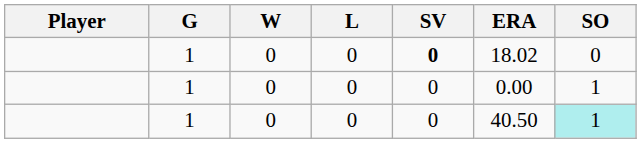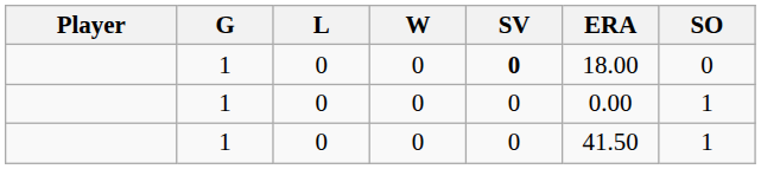 <table class="wikitable sortable">
 <tr>
 <th bgcolor="#DDDDFF" width="16%">Player</th>
 <th bgcolor="#DDDDFF" width="9%">G</th>
+<th bgcolor="#DDDDFF" width="9%">L</th>
 <th bgcolor="#DDDDFF" width="9%">W</th>
-<th bgcolor="#DDDDFF" width="9%">L</th>
 <th bgcolor="#DDDDFF" width="9%">SV</th>
 <th bgcolor="#DDDDFF" width="9%">ERA</th>
 <th bgcolor="#DDDDFF" width="9%">SO</th>
 </tr>
 <tr align="center">
 <td></td>
 <td>1</td>
 <td>0</td>
 <td>0</td>
 <td><strong>0</strong></td>
-<td>18.02</td>
+<td>18.00</td>
 <td>0</td>
 </tr>
 <tr align="center">
 <td></td>
 <td>1</td>
 <td>0</td>
 <td>0</td>
 <td>0</td>
 <td>0.00</td>
 <td>1</td>
 </tr>
 <tr align="center">
 <td></td>
 <td>1</td>
 <td>0</td>
 <td>0</td>
 <td>0</td>
-<td>40.50</td>
-<td style="background: paleturquoise;">1</td>
+<td>41.50</td>
+<td>1</td>
 </tr>
 </table>
